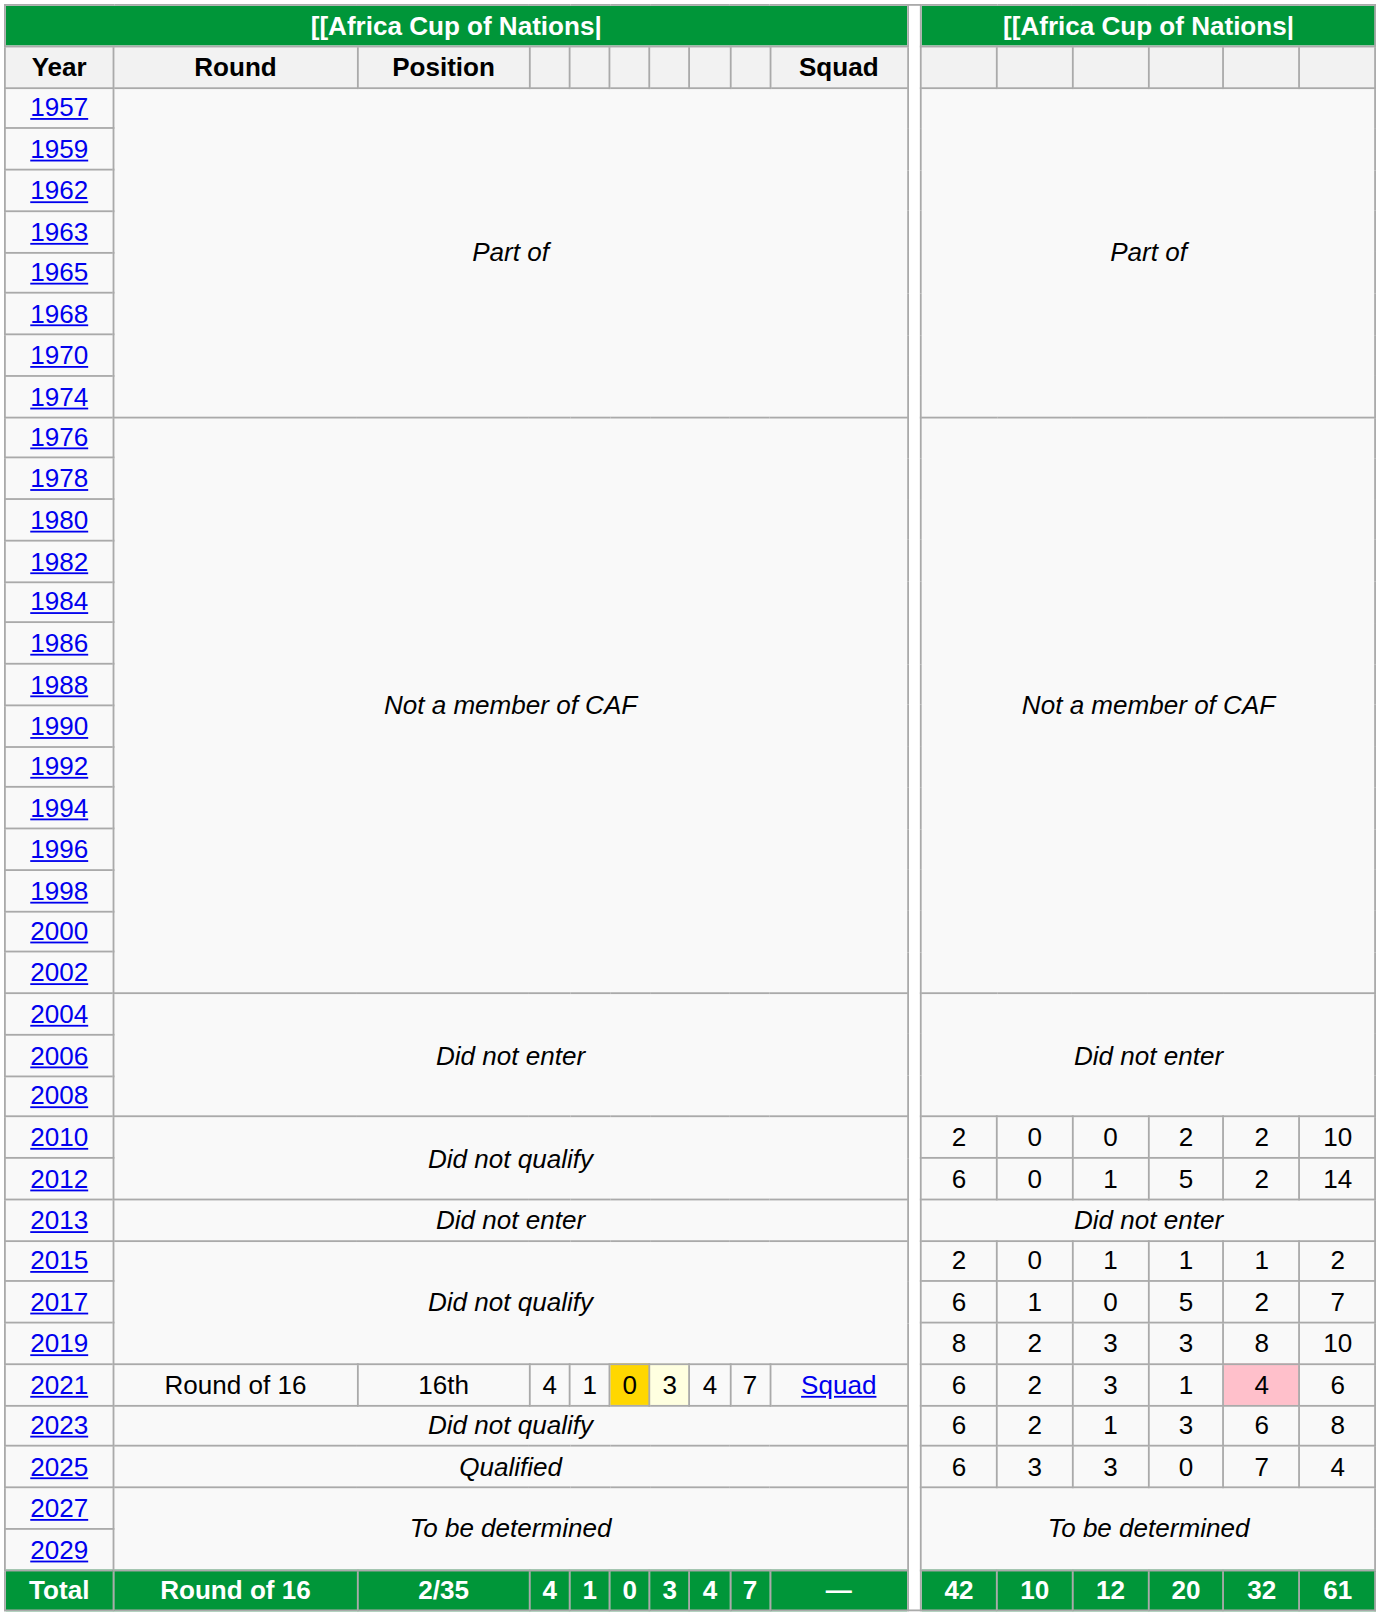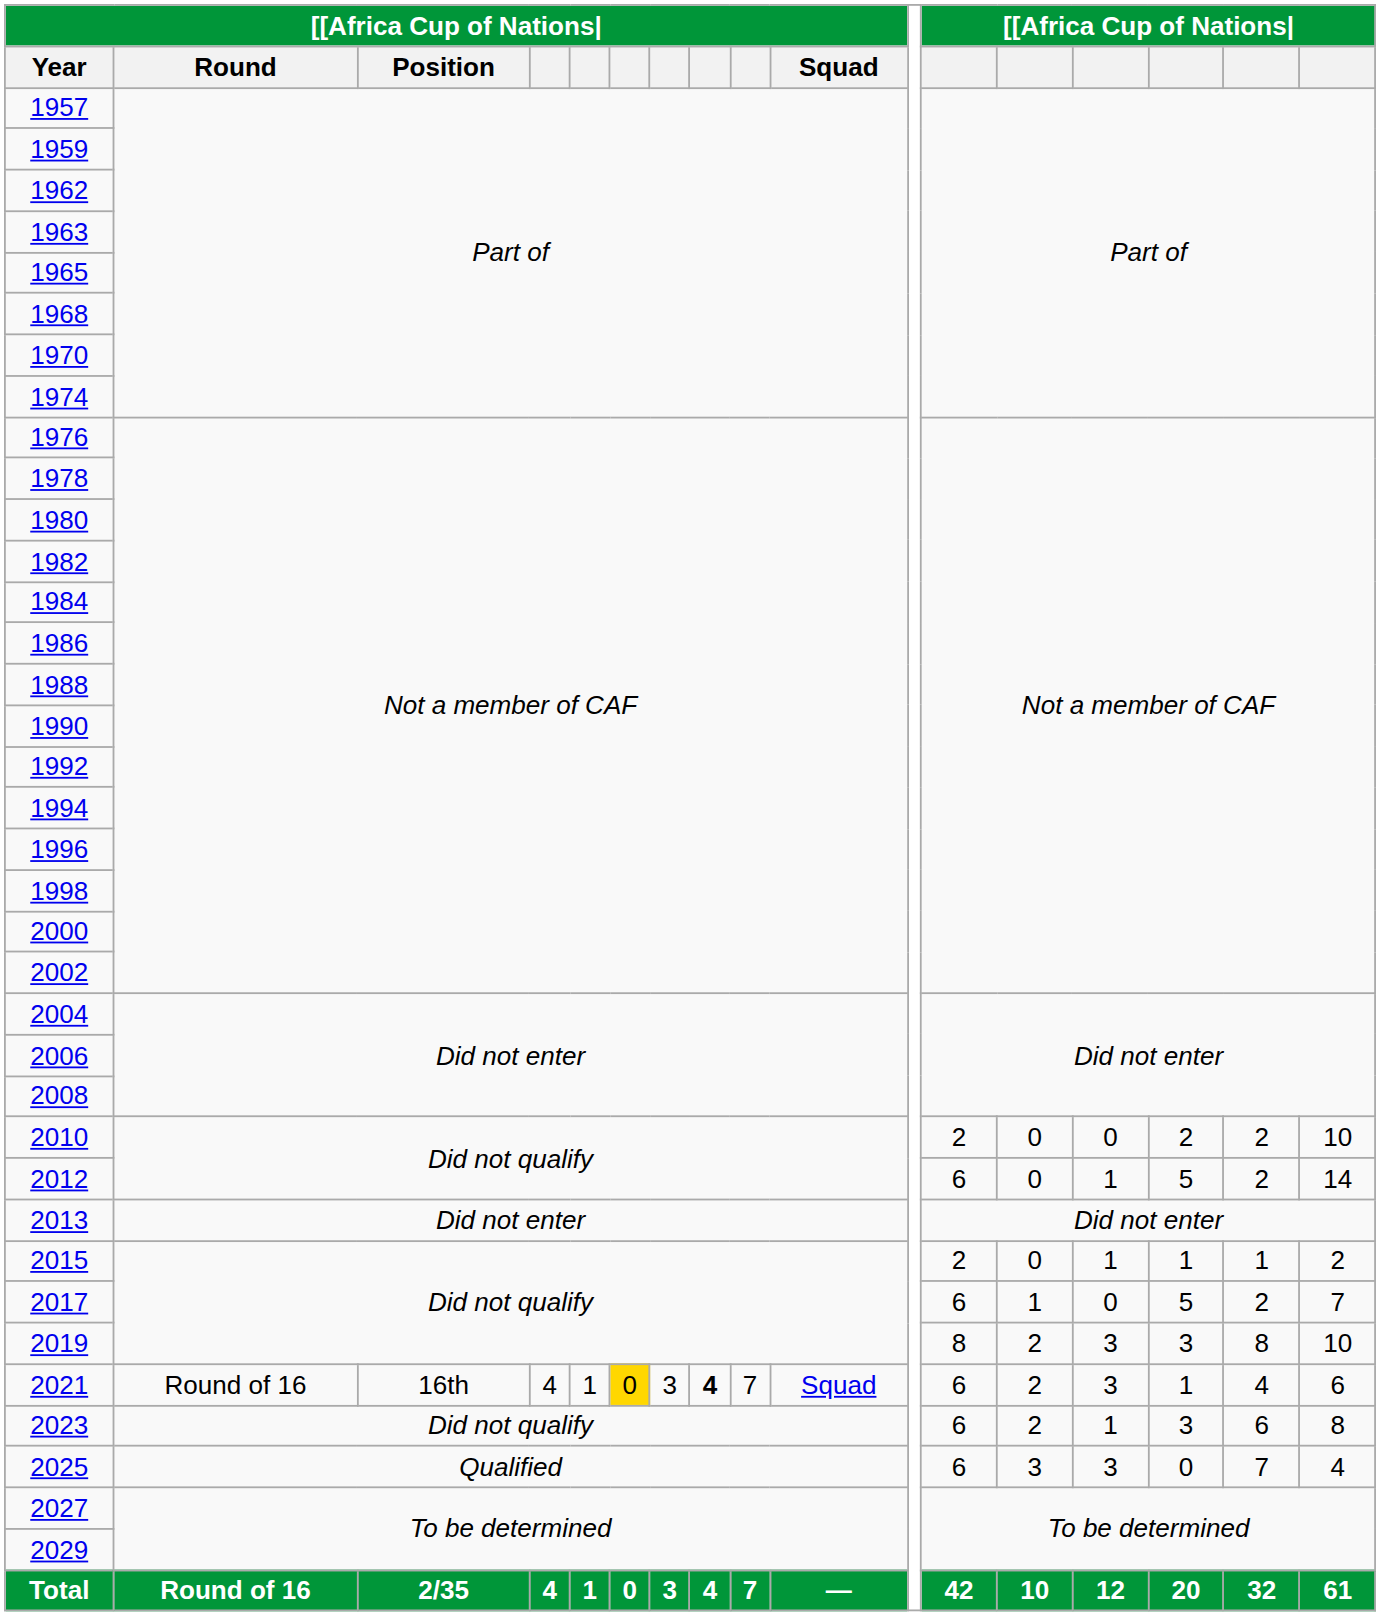 <table class="wikitable" class="wikitable" style="font-size:90%; text-align:center; width:60%">
 <tr>
 <th ! colspan="10" style="background:#009639; color:white; ">[[Africa Cup of Nations| </th>
 <th width=1%  rowspan="39" style="background:white"></th>
 <th colspan="7" style="background:#009639; color:white; ">[[Africa Cup of Nations|</th>
 </tr>
 <tr>
 <th>Year</th>
 <th>Round</th>
 <th>Position</th>
 <th></th>
 <th></th>
 <th></th>
 <th></th>
 <th></th>
 <th></th>
 <th>Squad</th>
 <th></th>
 <th></th>
 <th></th>
 <th></th>
 <th></th>
 <th></th>
 </tr>
 <tr>
 <td> <a href='#'>1957</a></td>
 <td colspan=9 rowspan=8><em>Part of </em></td>
 <td colspan=6 rowspan=8><em>Part of </em></td>
 </tr>
 <tr>
 <td> <a href='#'>1959</a></td>
 </tr>
 <tr>
 <td> <a href='#'>1962</a></td>
 </tr>
 <tr>
 <td> <a href='#'>1963</a></td>
 </tr>
 <tr>
 <td> <a href='#'>1965</a></td>
 </tr>
 <tr>
 <td> <a href='#'>1968</a></td>
 </tr>
 <tr>
 <td> <a href='#'>1970</a></td>
 </tr>
 <tr>
 <td> <a href='#'>1974</a></td>
 </tr>
 <tr>
 <td> <a href='#'>1976</a></td>
 <td rowspan=14 colspan=9><em>Not a member of CAF</em></td>
 <td rowspan=14 colspan=6><em>Not a member of CAF</em></td>
 </tr>
 <tr>
 <td> <a href='#'>1978</a></td>
 </tr>
 <tr>
 <td> <a href='#'>1980</a></td>
 </tr>
 <tr>
 <td> <a href='#'>1982</a></td>
 </tr>
 <tr>
 <td> <a href='#'>1984</a></td>
 </tr>
 <tr>
 <td> <a href='#'>1986</a></td>
 </tr>
 <tr>
 <td> <a href='#'>1988</a></td>
 </tr>
 <tr>
 <td> <a href='#'>1990</a></td>
 </tr>
 <tr>
 <td> <a href='#'>1992</a></td>
 </tr>
 <tr>
 <td> <a href='#'>1994</a></td>
 </tr>
 <tr>
 <td> <a href='#'>1996</a></td>
 </tr>
 <tr>
 <td> <a href='#'>1998</a></td>
 </tr>
 <tr>
 <td>  <a href='#'>2000</a></td>
 </tr>
 <tr>
 <td> <a href='#'>2002</a></td>
 </tr>
 <tr>
 <td> <a href='#'>2004</a></td>
 <td colspan=9 rowspan=3><em>Did not enter</em></td>
 <td colspan=6 rowspan=3><em>Did not enter</em></td>
 </tr>
 <tr>
 <td> <a href='#'>2006</a></td>
 </tr>
 <tr>
 <td> <a href='#'>2008</a></td>
 </tr>
 <tr>
 <td> <a href='#'>2010</a></td>
 <td colspan=9 rowspan=2><em>Did not qualify</em></td>
 <td>2</td>
 <td>0</td>
 <td>0</td>
 <td>2</td>
 <td>2</td>
 <td>10</td>
 </tr>
 <tr>
 <td>  <a href='#'>2012</a></td>
 <td>6</td>
 <td>0</td>
 <td>1</td>
 <td>5</td>
 <td>2</td>
 <td>14</td>
 </tr>
 <tr>
 <td> <a href='#'>2013</a></td>
 <td colspan=9><em>Did not enter</em></td>
 <td colspan=6><em>Did not enter</em></td>
 </tr>
 <tr>
 <td> <a href='#'>2015</a></td>
 <td colspan=9 rowspan=3><em>Did not qualify</em></td>
 <td>2</td>
 <td>0</td>
 <td>1</td>
 <td>1</td>
 <td>1</td>
 <td>2</td>
 </tr>
 <tr>
 <td> <a href='#'>2017</a></td>
 <td>6</td>
 <td>1</td>
 <td>0</td>
 <td>5</td>
 <td>2</td>
 <td>7</td>
 </tr>
 <tr>
 <td> <a href='#'>2019</a></td>
 <td>8</td>
 <td>2</td>
 <td>3</td>
 <td>3</td>
 <td>8</td>
 <td>10</td>
 </tr>
 <tr>
 <td> <a href='#'>2021</a></td>
 <td>Round of 16</td>
 <td>16th</td>
 <td>4</td>
 <td>1</td>
 <td style="background: gold;">0</td>
-<td style="background: lightyellow;">3</td>
-<td>4</td>
+<td>3</td>
+<td><strong>4</strong></td>
 <td>7</td>
 <td><a href='#'>Squad</a></td>
 <td>6</td>
 <td>2</td>
 <td>3</td>
 <td>1</td>
-<td style="background: pink;">4</td>
+<td>4</td>
 <td>6</td>
 </tr>
 <tr>
 <td> <a href='#'>2023</a></td>
 <td colspan="9"><em>Did not qualify</em></td>
 <td>6</td>
 <td>2</td>
 <td>1</td>
 <td>3</td>
 <td>6</td>
 <td>8</td>
 </tr>
 <tr>
 <td> <a href='#'>2025</a></td>
 <td colspan="9"><em>Qualified</em></td>
 <td>6</td>
 <td>3</td>
 <td>3</td>
 <td>0</td>
 <td>7</td>
 <td>4</td>
 </tr>
 <tr>
 <td>   <a href='#'>2027</a></td>
 <td colspan="9" rowspan="2"><em>To be determined</em></td>
 <td colspan="6" rowspan="2"><em>To be determined</em></td>
 </tr>
 <tr>
 <td> <a href='#'>2029</a></td>
 </tr>
 <tr>
 <th style="background:#009639; color:white; ">Total</th>
 <th style="background:#009639; color:white; ">Round of 16</th>
 <th style="background:#009639; color:white; ">2/35</th>
 <th style="background:#009639; color:white; ">4</th>
 <th style="background:#009639; color:white; ">1</th>
 <th style="background:#009639; color:white; ">0</th>
 <th style="background:#009639; color:white; ">3</th>
 <th style="background:#009639; color:white; ">4</th>
 <th style="background:#009639; color:white; ">7</th>
 <th style="background:#009639; color:white; ">—</th>
 <th style="background:#009639; color:white; ">42</th>
 <th style="background:#009639; color:white; ">10</th>
 <th style="background:#009639; color:white; ">12</th>
 <th style="background:#009639; color:white; ">20</th>
 <th style="background:#009639; color:white; ">32</th>
 <th style="background:#009639; color:white; ">61</th>
 </tr>
 </table>
